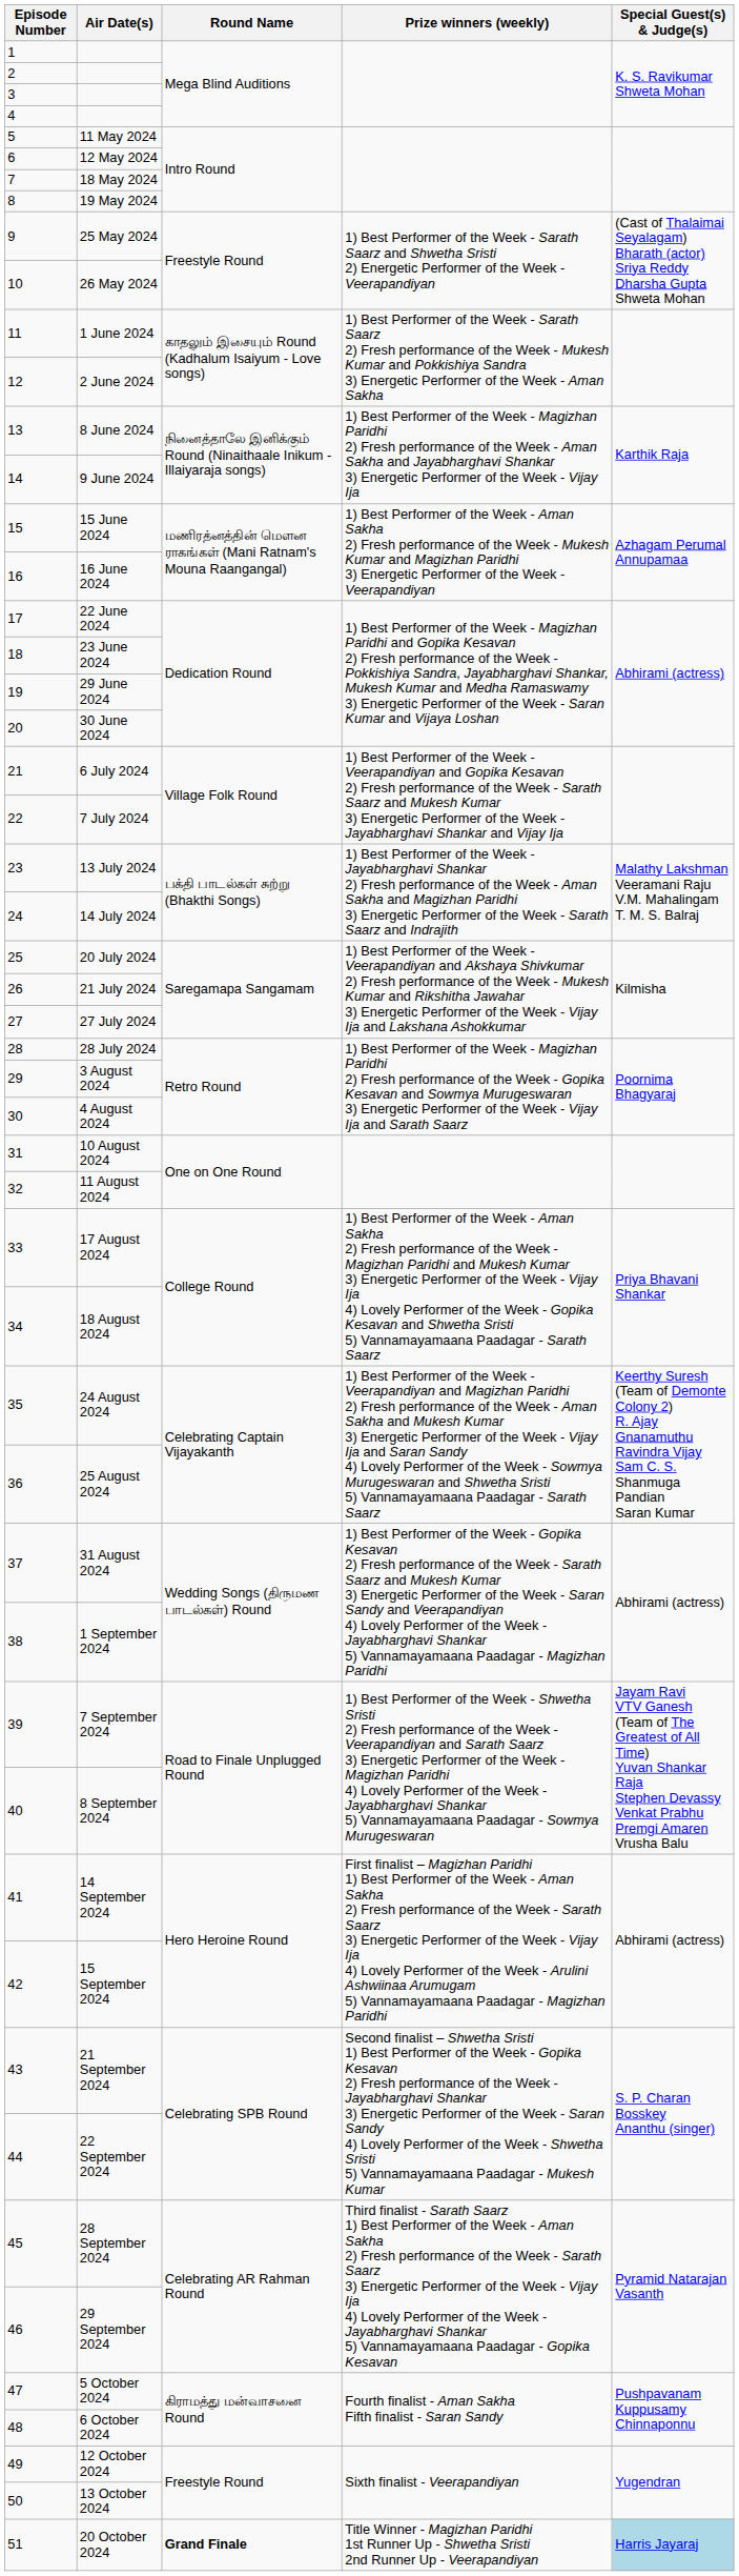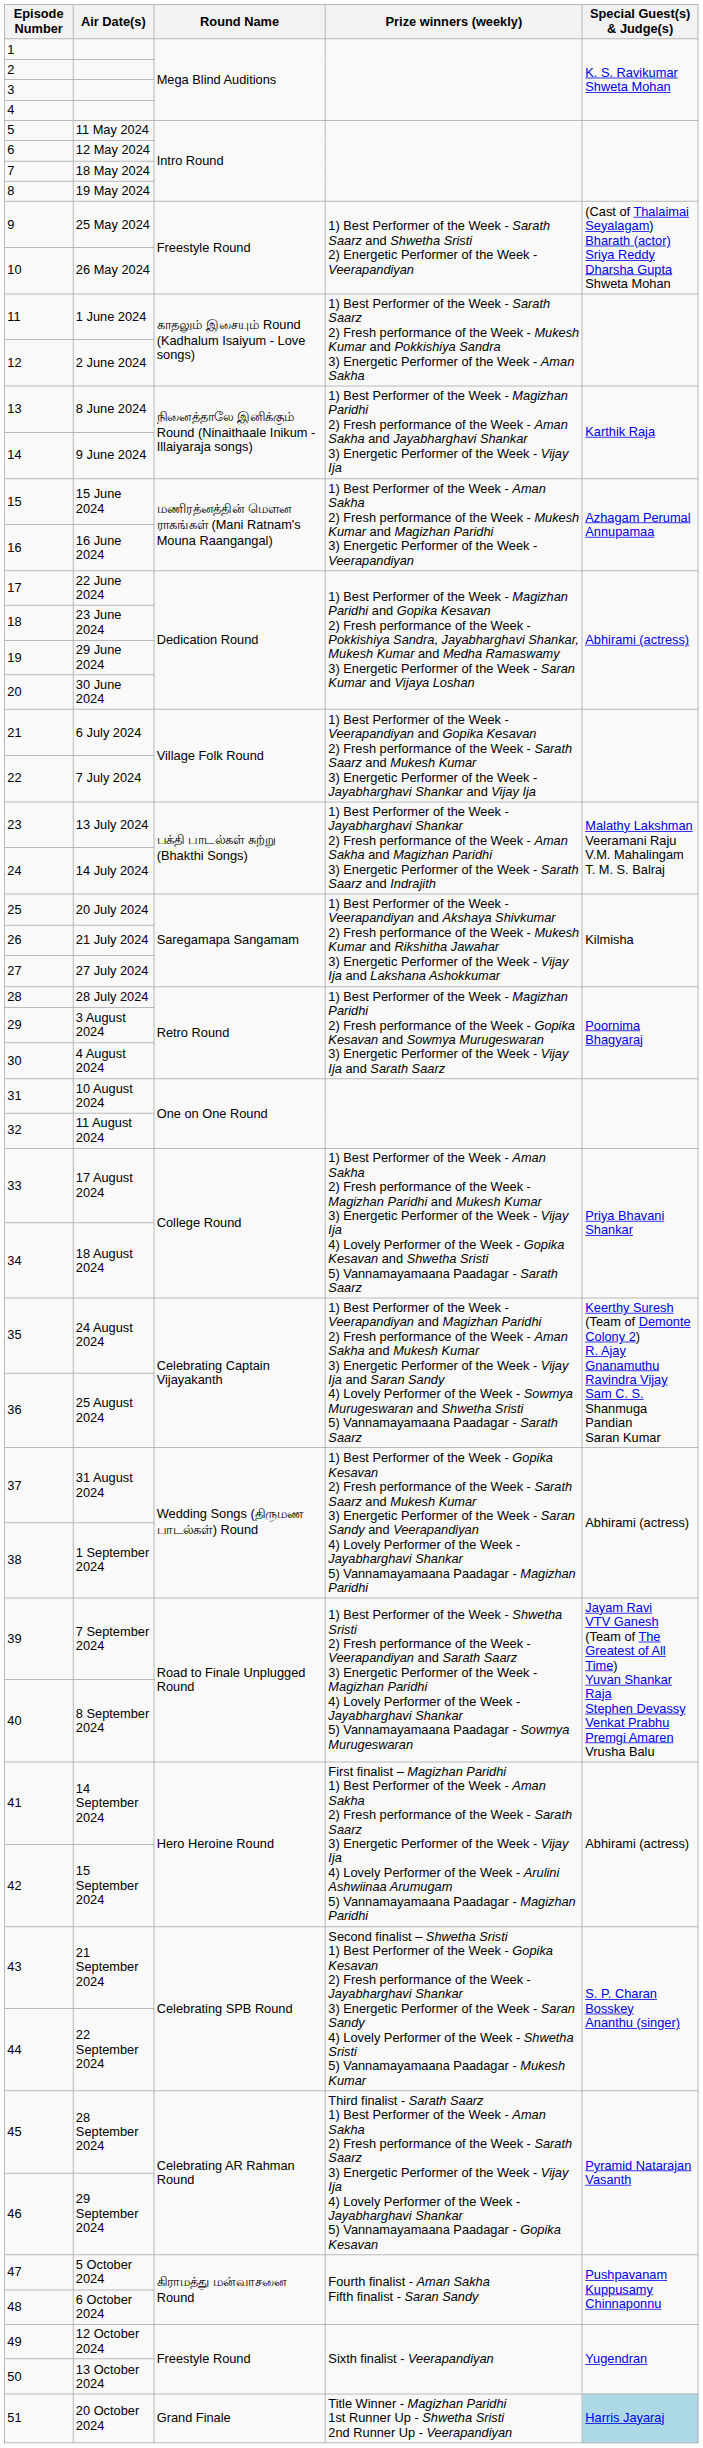 <table class="wikitable">
 <tr>
 <th scope="col">Episode Number</th>
 <th scope="col">Air Date(s)</th>
 <th scope="col">Round Name</th>
 <th scope="col">Prize winners (weekly)</th>
 <th scope="col">Special Guest(s) & Judge(s)</th>
 </tr>
 <tr>
 <td>1</td>
 <td></td>
 <td rowspan="4">Mega Blind Auditions</td>
 <td rowspan="4"></td>
 <td rowspan="4"><a href='#'>K. S. Ravikumar</a><br><a href='#'>Shweta Mohan</a></td>
 </tr>
 <tr>
 <td>2</td>
 <td></td>
 </tr>
 <tr>
 <td>3</td>
 <td></td>
 </tr>
 <tr>
 <td>4</td>
 <td></td>
 </tr>
 <tr>
 <td>5</td>
 <td>11 May 2024</td>
 <td rowspan="4">Intro Round</td>
 <td rowspan="4"></td>
 <td rowspan="4"></td>
 </tr>
 <tr>
 <td>6</td>
 <td>12 May 2024</td>
 </tr>
 <tr>
 <td>7</td>
 <td>18 May 2024</td>
 </tr>
 <tr>
 <td>8</td>
 <td>19 May 2024</td>
 </tr>
 <tr>
 <td>9</td>
 <td>25 May 2024</td>
 <td rowspan="2">Freestyle Round</td>
 <td rowspan="2">1) Best Performer of the Week - <em>Sarath Saarz</em> and   <em>Shwetha Sristi</em><br>2) Energetic Performer of the Week - <em>Veerapandiyan</em></td>
 <td rowspan="2">(Cast of <a href='#'>Thalaimai Seyalagam</a>)<br><a href='#'>Bharath (actor)</a><br><a href='#'>Sriya Reddy</a><br><a href='#'>Dharsha Gupta</a><br>Shweta Mohan</td>
 </tr>
 <tr>
 <td>10</td>
 <td>26 May 2024</td>
 </tr>
 <tr>
 <td>11</td>
 <td>1 June 2024</td>
 <td rowspan="2">காதலும் இசையும் Round (Kadhalum Isaiyum - Love songs)</td>
 <td rowspan="2">1) Best Performer of the Week - <em>Sarath Saarz</em><br>2) Fresh performance of the Week - <em>Mukesh Kumar</em> and <em>Pokkishiya Sandra</em><br>3) Energetic Performer of the Week - <em>Aman Sakha</em></td>
 <td rowspan="2"></td>
 </tr>
 <tr>
 <td>12</td>
 <td>2 June 2024</td>
 </tr>
 <tr>
 <td>13</td>
 <td>8 June 2024</td>
 <td rowspan="2">நினைத்தாலே இனிக்கும் Round (Ninaithaale Inikum - Illaiyaraja songs)</td>
 <td rowspan="2">1) Best Performer of the Week - <em>Magizhan Paridhi</em><br>2) Fresh performance of the Week - <em>Aman Sakha</em> and <em>Jayabharghavi Shankar</em><br>3) Energetic Performer of the Week - <em>Vijay Ija</em></td>
 <td rowspan="2"><a href='#'>Karthik Raja</a></td>
 </tr>
 <tr>
 <td>14</td>
 <td>9 June 2024</td>
 </tr>
 <tr>
 <td>15</td>
 <td>15 June 2024</td>
 <td rowspan="2">மணிரத்னத்தின் மௌன ராகங்கள் (Mani Ratnam's Mouna Raangangal)</td>
 <td rowspan="2">1) Best Performer of the Week - <em>Aman Sakha</em><br>2) Fresh performance of the Week - <em>Mukesh Kumar</em> and <em>Magizhan Paridhi</em><br>3) Energetic Performer of the Week - <em>Veerapandiyan</em></td>
 <td rowspan="2"><a href='#'>Azhagam Perumal</a><br><a href='#'>Annupamaa</a></td>
 </tr>
 <tr>
 <td>16</td>
 <td>16 June 2024</td>
 </tr>
 <tr>
 <td>17</td>
 <td>22 June 2024</td>
 <td rowspan="4">Dedication Round</td>
 <td rowspan="4">1) Best Performer of the Week - <em>Magizhan Paridhi</em> and <em>Gopika Kesavan</em><br>2) Fresh performance of the Week - <em>Pokkishiya Sandra</em>, <em>Jayabharghavi Shankar, Mukesh Kumar</em> and <em>Medha Ramaswamy</em><br>3) Energetic Performer of the Week - <em>Saran Kumar</em> and <em>Vijaya Loshan</em></td>
 <td rowspan="4"><a href='#'>Abhirami (actress)</a></td>
 </tr>
 <tr>
 <td>18</td>
 <td>23 June 2024</td>
 </tr>
 <tr>
 <td>19</td>
 <td>29 June 2024</td>
 </tr>
 <tr>
 <td>20</td>
 <td>30 June 2024</td>
 </tr>
 <tr>
 <td>21</td>
 <td>6 July 2024</td>
 <td rowspan="2">Village Folk Round</td>
 <td rowspan="2">1) Best Performer of the Week - <em>Veerapandiyan</em> and <em>Gopika Kesavan</em><br>2) Fresh performance of the Week - <em>Sarath Saarz</em> and <em>Mukesh Kumar</em><br>3) Energetic Performer of the Week - <em>Jayabharghavi Shankar</em> and <em>Vijay Ija</em></td>
 <td rowspan="2"></td>
 </tr>
 <tr>
 <td>22</td>
 <td>7 July 2024</td>
 </tr>
 <tr>
 <td>23</td>
 <td>13 July 2024</td>
 <td rowspan="2">பக்தி பாடல்கள் சுற்று (Bhakthi Songs)</td>
 <td rowspan="2">1) Best Performer of the Week - <em>Jayabharghavi Shankar</em><br>2) Fresh performance of the Week - <em>Aman Sakha</em> and <em>Magizhan Paridhi</em><br>3) Energetic Performer of the Week - <em>Sarath Saarz</em> and <em>Indrajith</em></td>
 <td rowspan="2"><a href='#'>Malathy Lakshman</a><br>Veeramani Raju <br>V.M. Mahalingam<br>T. M. S. Balraj</td>
 </tr>
 <tr>
 <td>24</td>
 <td>14 July 2024</td>
 </tr>
 <tr>
 <td>25</td>
 <td>20 July 2024</td>
 <td rowspan="3">Saregamapa Sangamam</td>
 <td rowspan="3">1) Best Performer of the Week - <em>Veerapandiyan</em> and <em>Akshaya Shivkumar</em><br>2) Fresh performance of the Week - <em>Mukesh Kumar</em> and <em>Rikshitha Jawahar</em><br>3) Energetic Performer of the Week - <em>Vijay Ija</em> and <em>Lakshana Ashokkumar</em></td>
 <td rowspan="3">Kilmisha</td>
 </tr>
 <tr>
 <td>26</td>
 <td>21 July 2024</td>
 </tr>
 <tr>
 <td>27</td>
 <td>27 July 2024</td>
 </tr>
 <tr>
 <td>28</td>
 <td>28 July 2024</td>
 <td rowspan="3">Retro Round</td>
 <td rowspan="3">1) Best Performer of the Week - <em>Magizhan Paridhi</em><br>2) Fresh performance of the Week - <em>Gopika Kesavan</em> and <em>Sowmya Murugeswaran</em><br>3) Energetic Performer of the Week - <em>Vijay Ija</em> and <em>Sarath Saarz</em></td>
 <td rowspan="3"><a href='#'>Poornima Bhagyaraj</a></td>
 </tr>
 <tr>
 <td>29</td>
 <td>3 August 2024</td>
 </tr>
 <tr>
 <td>30</td>
 <td>4 August 2024</td>
 </tr>
 <tr>
 <td>31</td>
 <td>10 August 2024</td>
 <td rowspan="2">One on One Round</td>
 <td rowspan="2"></td>
 <td rowspan="2"></td>
 </tr>
 <tr>
 <td>32</td>
 <td>11 August 2024</td>
 </tr>
 <tr>
 <td>33</td>
 <td>17 August 2024</td>
 <td rowspan="2">College Round</td>
 <td rowspan="2">1) Best Performer of the Week - <em>Aman Sakha</em><br>2) Fresh performance of the Week - <em>Magizhan Paridhi</em> and <em>Mukesh Kumar</em><br>3) Energetic Performer of the Week - <em>Vijay Ija</em><br>4) Lovely Performer of the Week - <em>Gopika Kesavan</em> and <em>Shwetha Sristi</em><br>5) Vannamayamaana Paadagar - <em>Sarath Saarz</em></td>
 <td rowspan="2"><a href='#'>Priya Bhavani Shankar</a></td>
 </tr>
 <tr>
 <td>34</td>
 <td>18 August 2024</td>
 </tr>
 <tr>
 <td>35</td>
 <td>24 August 2024</td>
 <td rowspan="2">Celebrating Captain Vijayakanth</td>
 <td rowspan="2">1) Best Performer of the Week - <em>Veerapandiyan</em> and <em>Magizhan Paridhi</em><br>2) Fresh performance of the Week - <em>Aman Sakha</em> and <em>Mukesh Kumar</em><br>3) Energetic Performer of the Week - <em>Vijay Ija</em> and <em>Saran Sandy</em><br>4) Lovely Performer of the Week - <em>Sowmya Murugeswaran</em> and <em>Shwetha Sristi</em><br>5) Vannamayamaana Paadagar - <em>Sarath Saarz</em></td>
 <td rowspan="2"><a href='#'>Keerthy Suresh</a><br>(Team of <a href='#'>Demonte Colony 2</a>)<br><a href='#'>R. Ajay Gnanamuthu</a><br><a href='#'>Ravindra Vijay</a><br><a href='#'>Sam C. S.</a><br>Shanmuga Pandian<br>Saran Kumar</td>
 </tr>
 <tr>
 <td>36</td>
 <td>25 August 2024</td>
 </tr>
 <tr>
 <td>37</td>
 <td>31 August 2024</td>
 <td rowspan="2">Wedding Songs (திருமண பாடல்கள்) Round</td>
 <td rowspan="2">1) Best Performer of the Week - <em>Gopika Kesavan</em><br>2) Fresh performance of the Week - <em>Sarath Saarz</em> and <em>Mukesh Kumar</em><br>3) Energetic Performer of the Week - <em>Saran Sandy</em> and <em>Veerapandiyan</em><br>4) Lovely Performer of the Week - <em>Jayabharghavi Shankar</em><br>5) Vannamayamaana Paadagar - <em>Magizhan Paridhi</em></td>
 <td rowspan="2">Abhirami (actress)</td>
 </tr>
 <tr>
 <td>38</td>
 <td>1 September 2024</td>
 </tr>
 <tr>
 <td>39</td>
 <td>7 September 2024</td>
 <td rowspan="2">Road to Finale Unplugged Round</td>
 <td rowspan="2">1) Best Performer of the Week - <em>Shwetha Sristi</em><br>2) Fresh performance of the Week - <em>Veerapandiyan</em> and <em>Sarath Saarz</em><br>3) Energetic Performer of the Week - <em>Magizhan Paridhi</em><br>4) Lovely Performer of the Week - <em>Jayabharghavi Shankar</em><br>5) Vannamayamaana Paadagar - <em>Sowmya Murugeswaran</em></td>
 <td rowspan="2"><a href='#'>Jayam Ravi</a><br><a href='#'>VTV Ganesh</a><br>(Team of <a href='#'>The Greatest of All Time</a>)<br><a href='#'>Yuvan Shankar Raja</a><br><a href='#'>Stephen Devassy</a><br><a href='#'>Venkat Prabhu</a><br><a href='#'>Premgi Amaren</a> Vrusha Balu</td>
 </tr>
 <tr>
 <td>40</td>
 <td>8 September 2024</td>
 </tr>
 <tr>
 <td>41</td>
 <td>14 September 2024</td>
 <td rowspan="2">Hero Heroine Round</td>
 <td rowspan="2">First finalist <em>– Magizhan Paridhi</em><br>1) Best Performer of the Week - <em>Aman Sakha</em><br>2) Fresh performance of the Week - <em>Sarath Saarz</em><br>3) Energetic Performer of the Week - <em>Vijay Ija</em><br>4) Lovely Performer of the Week - <em>Arulini Ashwiinaa Arumugam</em><br>5) Vannamayamaana Paadagar - <em>Magizhan Paridhi</em></td>
 <td rowspan="2">Abhirami (actress)</td>
 </tr>
 <tr>
 <td>42</td>
 <td>15 September 2024</td>
 </tr>
 <tr>
 <td>43</td>
 <td>21 September 2024</td>
 <td rowspan="2">Celebrating SPB Round</td>
 <td rowspan="2">Second finalist <em>– Shwetha Sristi</em><br>1) Best Performer of the Week - <em>Gopika Kesavan</em><br>2) Fresh performance of the Week - <em>Jayabharghavi Shankar</em><br>3) Energetic Performer of the Week - <em>Saran Sandy</em><br>4) Lovely Performer of the Week - <em>Shwetha Sristi</em><br>5) Vannamayamaana Paadagar - <em>Mukesh Kumar</em></td>
 <td rowspan="2"><a href='#'>S. P. Charan</a><br><a href='#'>Bosskey</a><br><a href='#'>Ananthu (singer)</a></td>
 </tr>
 <tr>
 <td>44</td>
 <td>22 September 2024</td>
 </tr>
 <tr>
 <td>45</td>
 <td>28 September 2024</td>
 <td rowspan="2">Celebrating AR Rahman Round</td>
 <td rowspan="2">Third finalist - <em>Sarath Saarz</em><br>1) Best Performer of the Week - <em>Aman Sakha</em><br>2) Fresh performance of the Week - <em>Sarath Saarz</em><br>3) Energetic Performer of the Week - <em>Vijay Ija</em><br>4) Lovely Performer of the Week - <em>Jayabharghavi Shankar</em><br>5) Vannamayamaana Paadagar - <em>Gopika Kesavan</em></td>
 <td rowspan="2"><a href='#'>Pyramid Natarajan</a><br><a href='#'>Vasanth</a></td>
 </tr>
 <tr>
 <td>46</td>
 <td>29 September 2024</td>
 </tr>
 <tr>
 <td>47</td>
 <td>5 October 2024</td>
 <td rowspan="2">கிராமத்து மன்வாசனை Round</td>
 <td rowspan="2">Fourth finalist - <em>Aman Sakha</em><br>Fifth finalist - <em>Saran Sandy</em></td>
 <td rowspan="2"><a href='#'>Pushpavanam Kuppusamy</a><br><a href='#'>Chinnaponnu</a></td>
 </tr>
 <tr>
 <td>48</td>
 <td>6 October 2024</td>
 </tr>
 <tr>
 <td>49</td>
 <td>12 October 2024</td>
 <td rowspan="2">Freestyle Round</td>
 <td rowspan="2">Sixth finalist - <em>Veerapandiyan</em></td>
 <td rowspan="2"><a href='#'>Yugendran</a></td>
 </tr>
 <tr>
 <td>50</td>
 <td>13 October 2024</td>
 </tr>
 <tr>
 <td>51</td>
 <td>20 October 2024</td>
-<td><strong>Grand Finale</strong></td>
+<td>Grand Finale</td>
 <td>Title Winner - <em>Magizhan Paridhi</em> <br>1st Runner Up - <em>Shwetha Sristi</em><br>2nd Runner Up - <em>Veerapandiyan</em></td>
 <td style="background: lightblue;"><a href='#'>Harris Jayaraj</a></td>
 </tr>
 </table>
